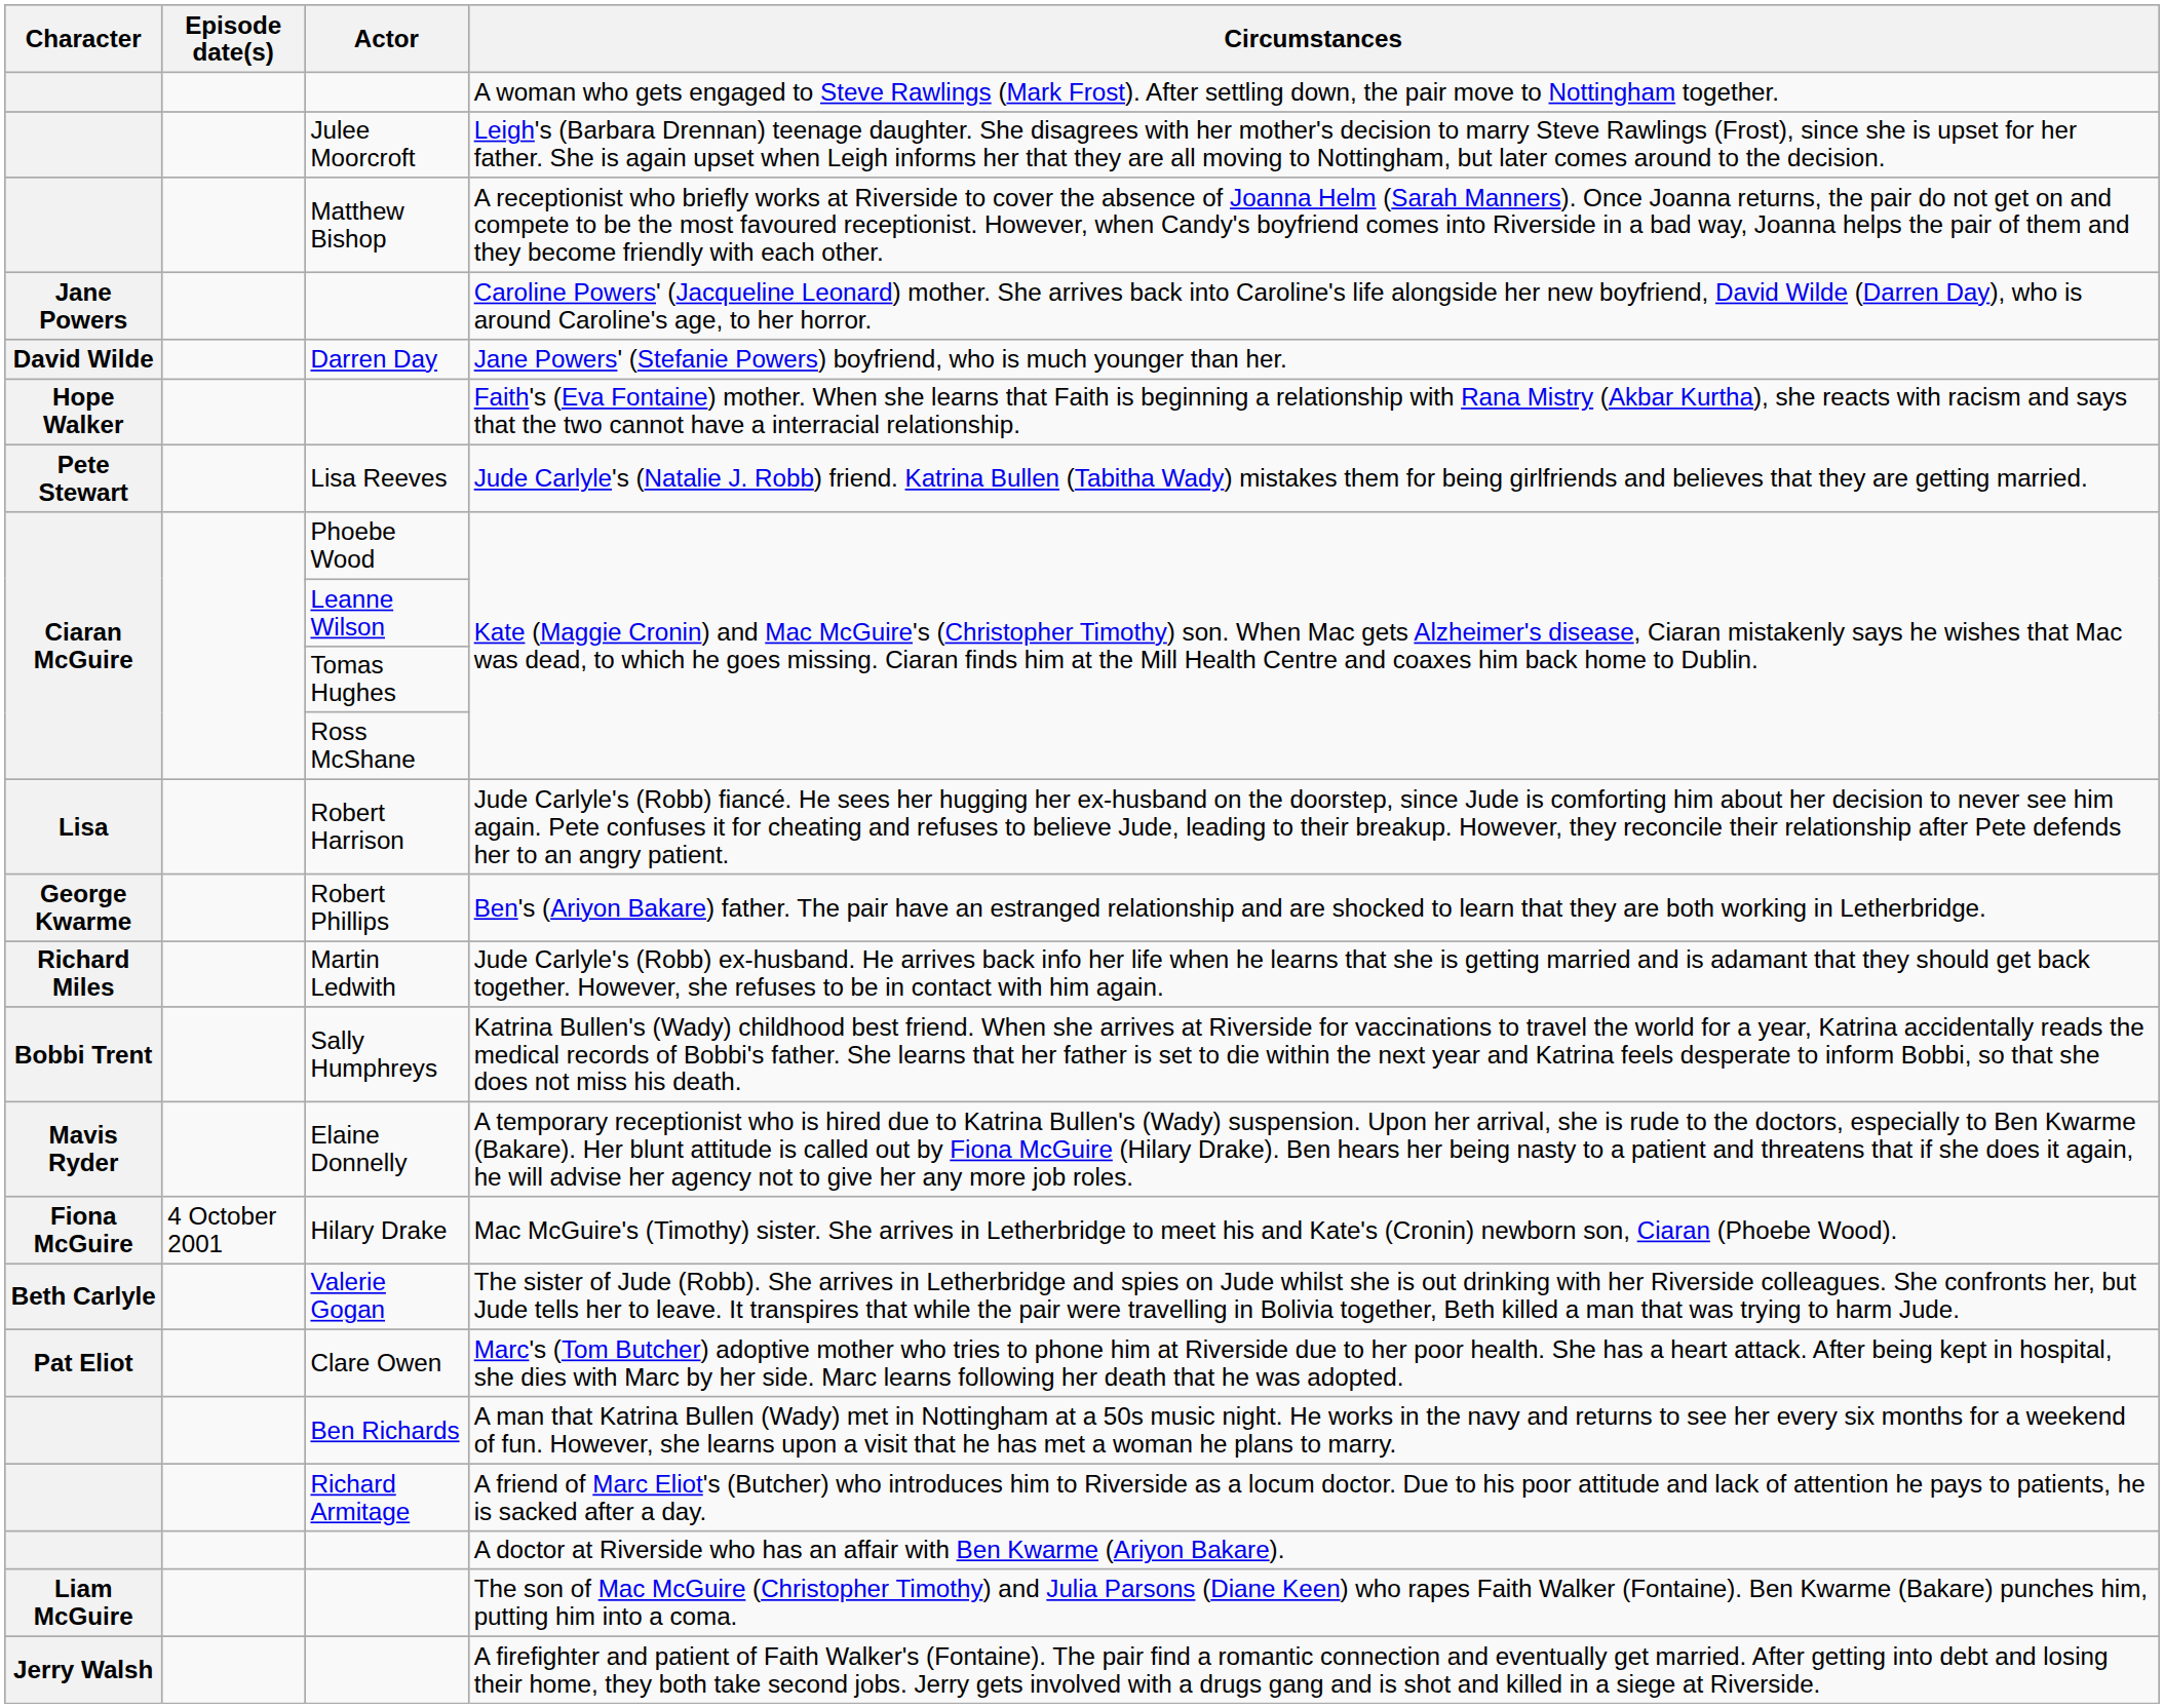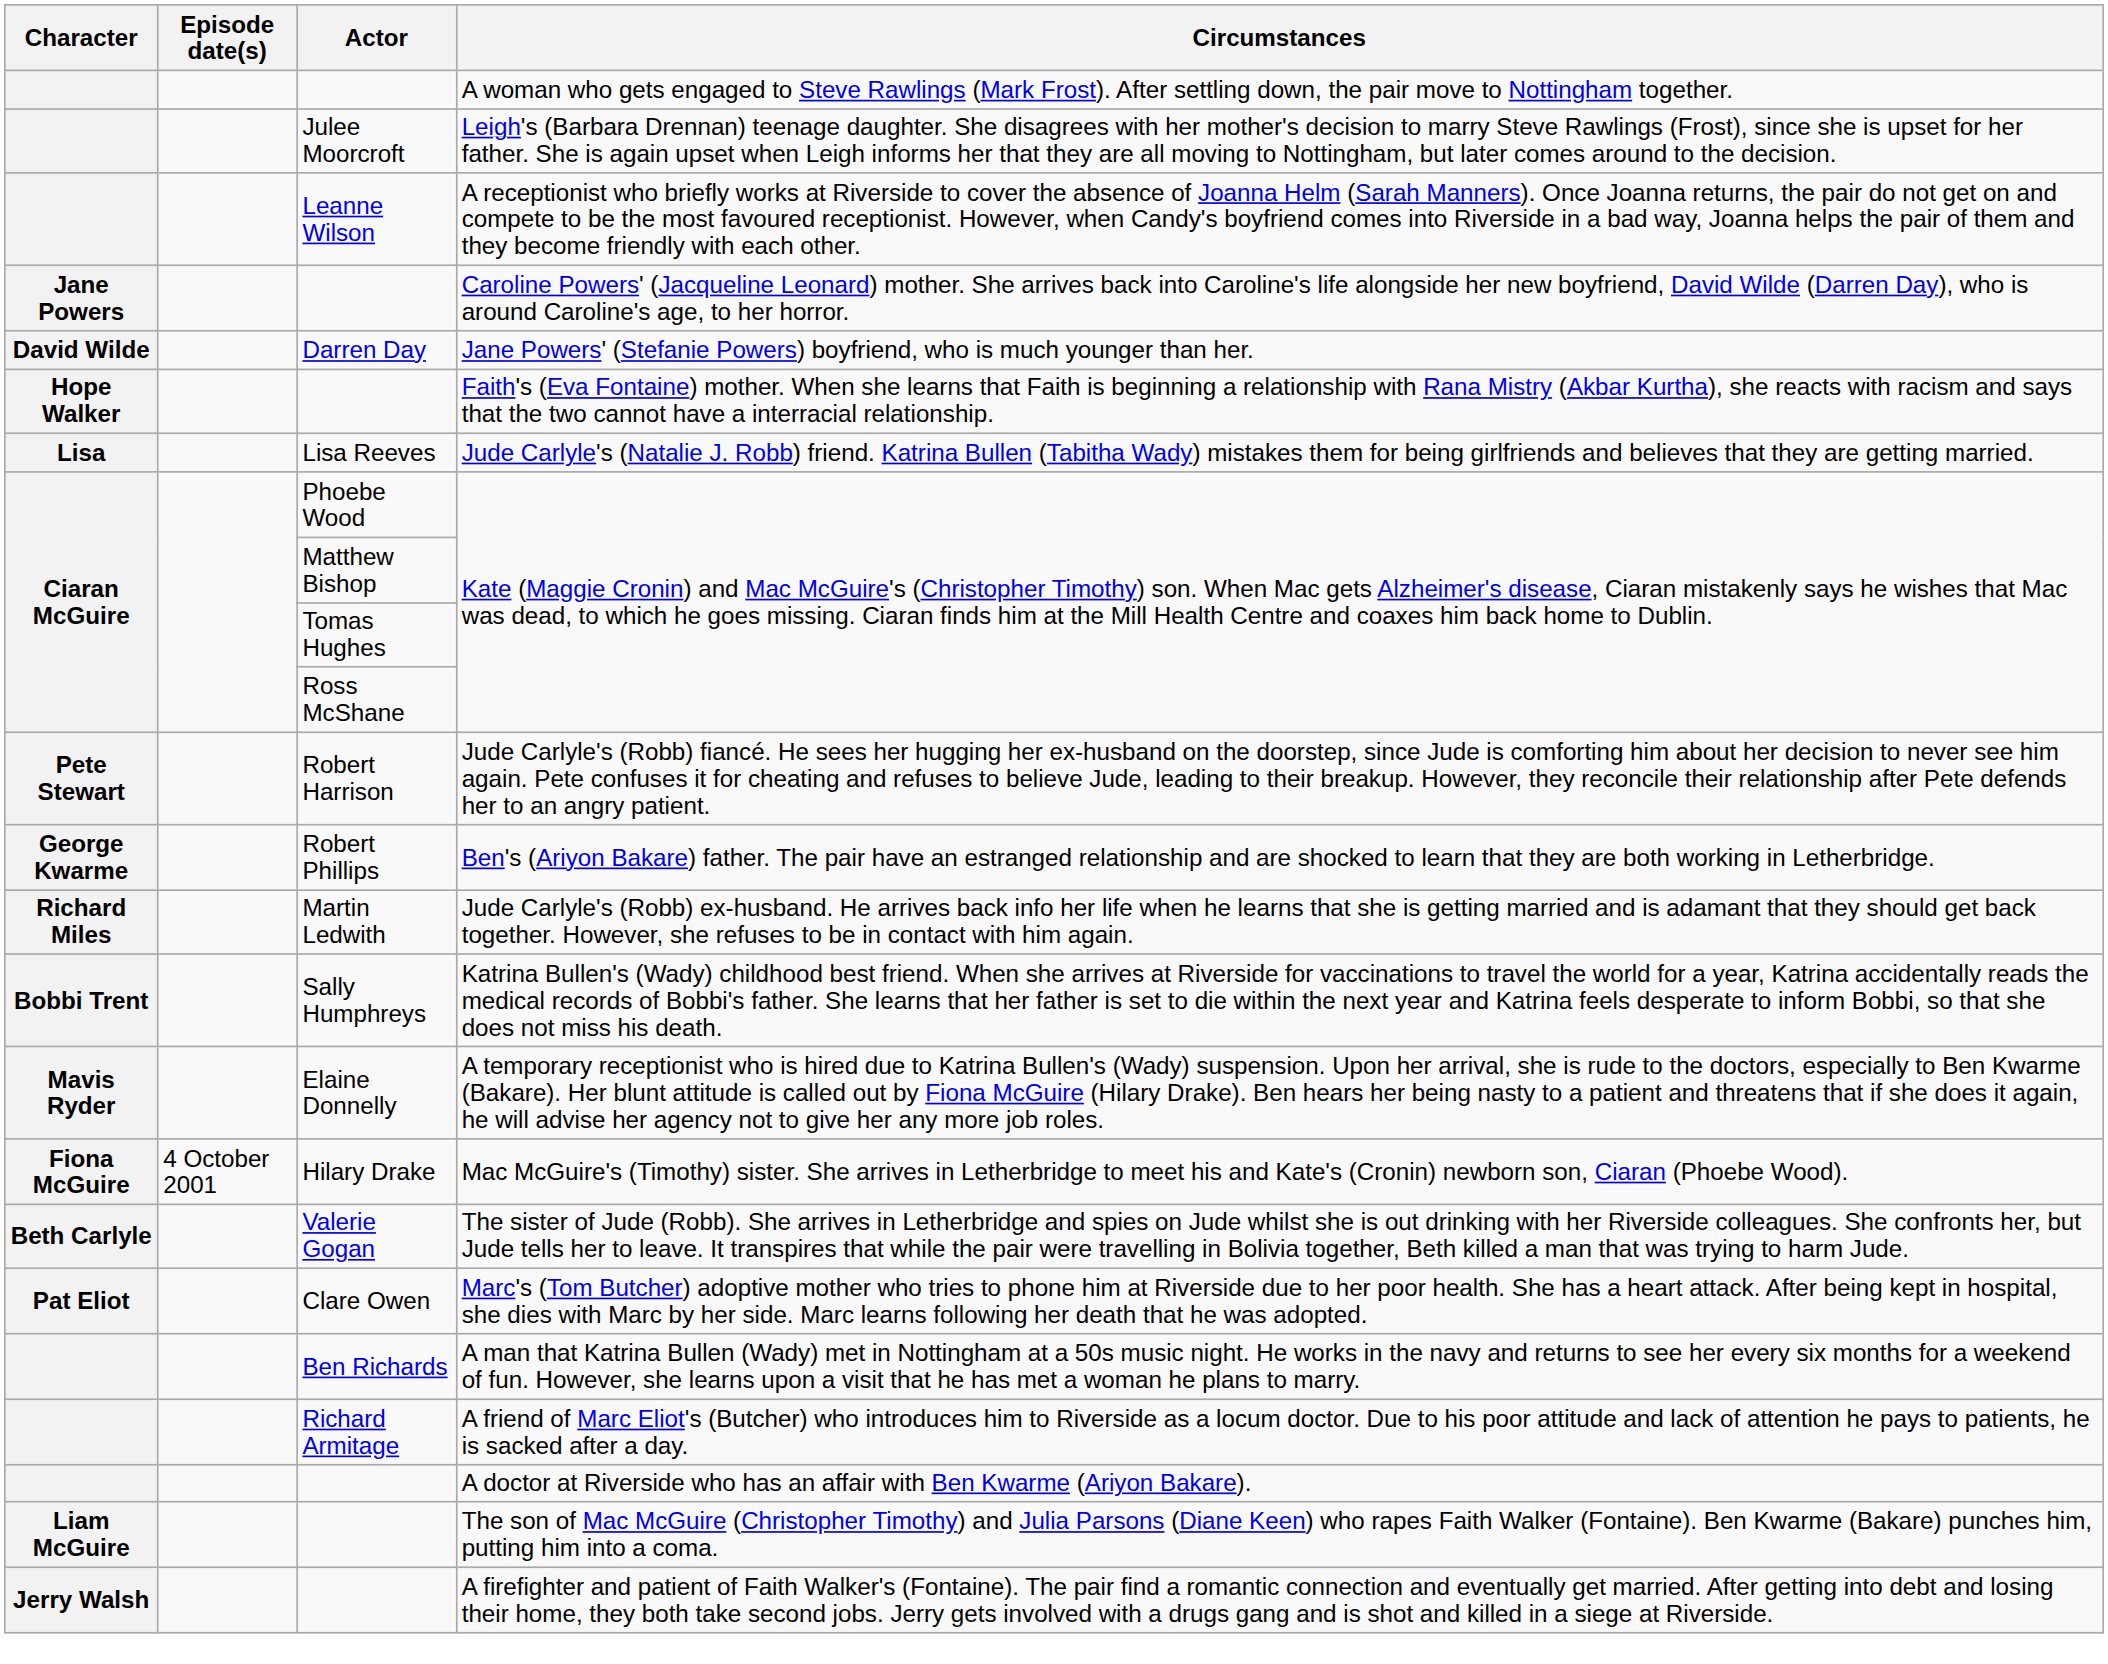 <table class="wikitable plainrowheaders" style="font-size:90%">
 <tr>
 <th scope="col">Character</th>
 <th scope="col">Episode date(s)</th>
 <th scope="col">Actor</th>
 <th scope="col">Circumstances</th>
 </tr>
 <tr>
 <th scope="row"> </th>
 <td></td>
 <td></td>
 <td>A woman who gets engaged to <a href='#'>Steve Rawlings</a> (<a href='#'>Mark Frost</a>). After settling down, the pair move to <a href='#'>Nottingham</a> together.</td>
 </tr>
 <tr>
 <th scope="row"> </th>
 <td></td>
 <td>Julee Moorcroft</td>
 <td><a href='#'>Leigh</a>'s (Barbara Drennan) teenage daughter. She disagrees with her mother's decision to marry Steve Rawlings (Frost), since she is upset for her father. She is again upset when Leigh informs her that they are all moving to Nottingham, but later comes around to the decision.</td>
 </tr>
 <tr>
 <th scope="row"> </th>
 <td></td>
-<td>Matthew Bishop</td>
+<td><a href='#'>Leanne Wilson</a></td>
 <td>A receptionist who briefly works at Riverside to cover the absence of <a href='#'>Joanna Helm</a> (<a href='#'>Sarah Manners</a>). Once Joanna returns, the pair do not get on and compete to be the most favoured receptionist. However, when Candy's boyfriend comes into Riverside in a bad way, Joanna helps the pair of them and they become friendly with each other.</td>
 </tr>
 <tr>
 <th scope="row">Jane Powers </th>
 <td></td>
 <td></td>
 <td><a href='#'>Caroline Powers</a>' (<a href='#'>Jacqueline Leonard</a>) mother. She arrives back into Caroline's life alongside her new boyfriend, <a href='#'>David Wilde</a> (<a href='#'>Darren Day</a>), who is around Caroline's age, to her horror.</td>
 </tr>
 <tr>
 <th scope="row">David Wilde </th>
 <td></td>
 <td><a href='#'>Darren Day</a></td>
 <td><a href='#'>Jane Powers</a>' (<a href='#'>Stefanie Powers</a>) boyfriend, who is much younger than her.</td>
 </tr>
 <tr>
 <th scope="row">Hope Walker </th>
 <td></td>
 <td></td>
 <td><a href='#'>Faith</a>'s (<a href='#'>Eva Fontaine</a>) mother. When she learns that Faith is beginning a relationship with <a href='#'>Rana Mistry</a> (<a href='#'>Akbar Kurtha</a>), she reacts with racism and says that the two cannot have a interracial relationship.</td>
 </tr>
 <tr>
-<th scope="row">Pete Stewart </th>
+<th scope="row">Lisa </th>
 <td></td>
 <td>Lisa Reeves</td>
 <td><a href='#'>Jude Carlyle</a>'s (<a href='#'>Natalie J. Robb</a>) friend. <a href='#'>Katrina Bullen</a> (<a href='#'>Tabitha Wady</a>) mistakes them for being girlfriends and believes that they are getting married.</td>
 </tr>
 <tr>
 <th rowspan="4" scope="row">Ciaran McGuire </th>
 <td rowspan="4"><br></td>
 <td>Phoebe Wood</td>
 <td rowspan="4"><a href='#'>Kate</a> (<a href='#'>Maggie Cronin</a>) and <a href='#'>Mac McGuire</a>'s (<a href='#'>Christopher Timothy</a>) son. When Mac gets <a href='#'>Alzheimer's disease</a>, Ciaran mistakenly says he wishes that Mac was dead, to which he goes missing. Ciaran finds him at the Mill Health Centre and coaxes him back home to Dublin.</td>
 </tr>
 <tr>
-<td><a href='#'>Leanne Wilson</a></td>
+<td>Matthew Bishop</td>
 </tr>
 <tr>
 <td>Tomas Hughes</td>
 </tr>
 <tr>
 <td>Ross McShane</td>
 </tr>
 <tr>
-<th scope="row">Lisa </th>
+<th scope="row">Pete Stewart </th>
 <td></td>
 <td>Robert Harrison</td>
 <td>Jude Carlyle's (Robb) fiancé. He sees her hugging her ex-husband on the doorstep, since Jude is comforting him about her decision to never see him again. Pete confuses it for cheating and refuses to believe Jude, leading to their breakup. However, they reconcile their relationship after Pete defends her to an angry patient.</td>
 </tr>
 <tr>
 <th scope="row">George Kwarme </th>
 <td></td>
 <td>Robert Phillips</td>
 <td><a href='#'>Ben</a>'s (<a href='#'>Ariyon Bakare</a>) father. The pair have an estranged relationship and are shocked to learn that they are both working in Letherbridge.</td>
 </tr>
 <tr>
 <th scope="row">Richard Miles </th>
 <td></td>
 <td>Martin Ledwith</td>
 <td>Jude Carlyle's (Robb) ex-husband. He arrives back info her life when he learns that she is getting married and is adamant that they should get back together. However, she refuses to be in contact with him again.</td>
 </tr>
 <tr>
 <th scope="row">Bobbi Trent </th>
 <td></td>
 <td>Sally Humphreys</td>
 <td>Katrina Bullen's (Wady) childhood best friend. When she arrives at Riverside for vaccinations to travel the world for a year, Katrina accidentally reads the medical records of Bobbi's father. She learns that her father is set to die within the next year and Katrina feels desperate to inform Bobbi, so that she does not miss his death.</td>
 </tr>
 <tr>
 <th scope="row">Mavis Ryder</th>
 <td></td>
 <td>Elaine Donnelly</td>
 <td>A temporary receptionist who is hired due to Katrina Bullen's (Wady) suspension. Upon her arrival, she is rude to the doctors, especially to Ben Kwarme (Bakare). Her blunt attitude is called out by <a href='#'>Fiona McGuire</a> (Hilary Drake). Ben hears her being nasty to a patient and threatens that if she does it again, he will advise her agency not to give her any more job roles.</td>
 </tr>
 <tr>
 <th scope="row">Fiona McGuire </th>
 <td>4 October 2001</td>
 <td>Hilary Drake</td>
 <td>Mac McGuire's (Timothy) sister. She arrives in Letherbridge to meet his and Kate's (Cronin) newborn son, <a href='#'>Ciaran</a> (Phoebe Wood).</td>
 </tr>
 <tr>
 <th scope="row">Beth Carlyle </th>
 <td></td>
 <td><a href='#'>Valerie Gogan</a></td>
 <td>The sister of Jude (Robb). She arrives in Letherbridge and spies on Jude whilst she is out drinking with her Riverside colleagues. She confronts her, but Jude tells her to leave. It transpires that while the pair were travelling in Bolivia together, Beth killed a man that was trying to harm Jude.</td>
 </tr>
 <tr>
 <th scope="row">Pat Eliot </th>
 <td></td>
 <td>Clare Owen</td>
 <td><a href='#'>Marc</a>'s (<a href='#'>Tom Butcher</a>) adoptive mother who tries to phone him at Riverside due to her poor health. She has a heart attack. After being kept in hospital, she dies with Marc by her side. Marc learns following her death that he was adopted.</td>
 </tr>
 <tr>
 <th scope="row"></th>
 <td></td>
 <td><a href='#'>Ben Richards</a></td>
 <td>A man that Katrina Bullen (Wady) met in Nottingham at a 50s music night. He works in the navy and returns to see her every six months for a weekend of fun. However, she learns upon a visit that he has met a woman he plans to marry.</td>
 </tr>
 <tr>
 <th scope="row"> </th>
 <td></td>
 <td><a href='#'>Richard Armitage</a></td>
 <td>A friend of <a href='#'>Marc Eliot</a>'s (Butcher) who introduces him to Riverside as a locum doctor. Due to his poor attitude and lack of attention he pays to patients, he is sacked after a day.</td>
 </tr>
 <tr>
 <th scope="row"> </th>
 <td></td>
 <td></td>
 <td>A doctor at Riverside who has an affair with <a href='#'>Ben Kwarme</a> (<a href='#'>Ariyon Bakare</a>).</td>
 </tr>
 <tr>
 <th scope="row">Liam McGuire </th>
 <td><br><br></td>
 <td></td>
 <td>The son of <a href='#'>Mac McGuire</a> (<a href='#'>Christopher Timothy</a>) and <a href='#'>Julia Parsons</a> (<a href='#'>Diane Keen</a>) who rapes Faith Walker (Fontaine). Ben Kwarme (Bakare) punches him, putting him into a coma.</td>
 </tr>
 <tr>
 <th scope="row">Jerry Walsh </th>
 <td></td>
 <td></td>
 <td>A firefighter and patient of Faith Walker's (Fontaine). The pair find a romantic connection and eventually get married. After getting into debt and losing their home, they both take second jobs. Jerry gets involved with a drugs gang and is shot and killed in a siege at Riverside.</td>
 </tr>
 </table>
